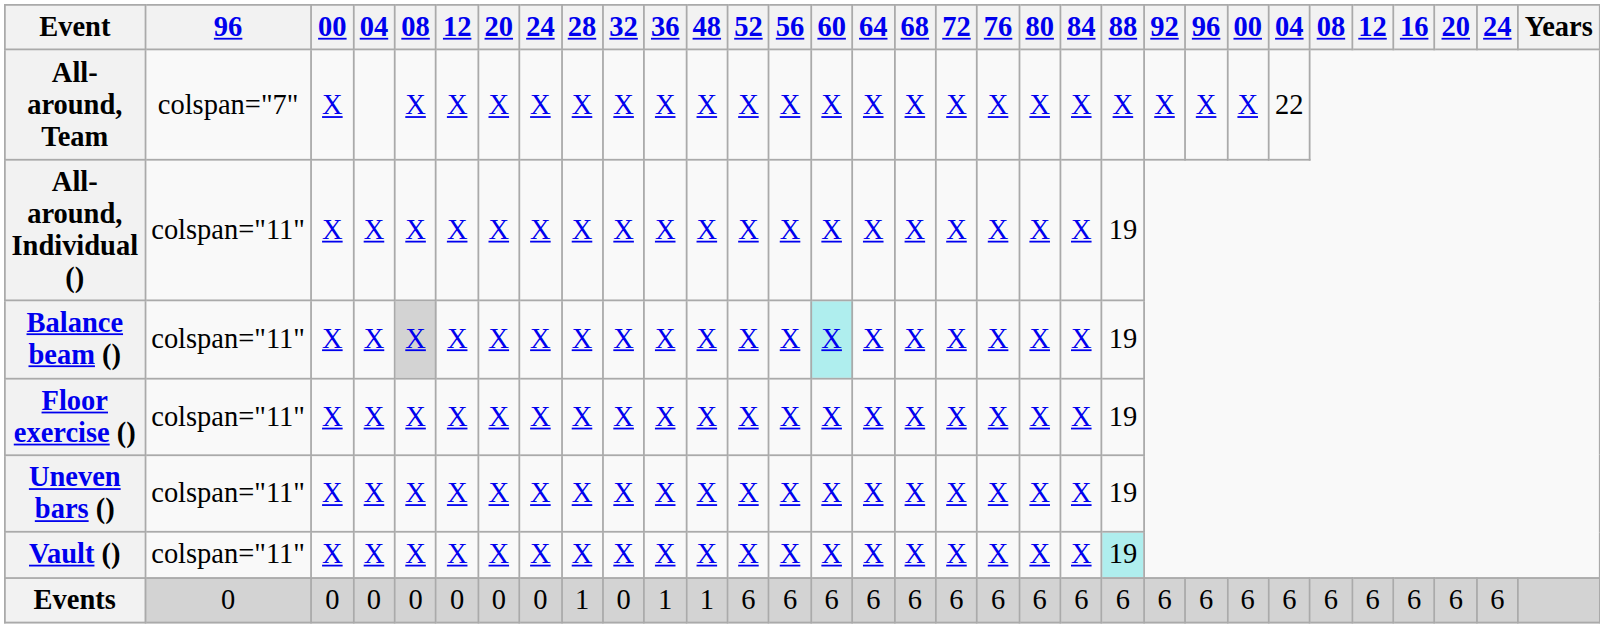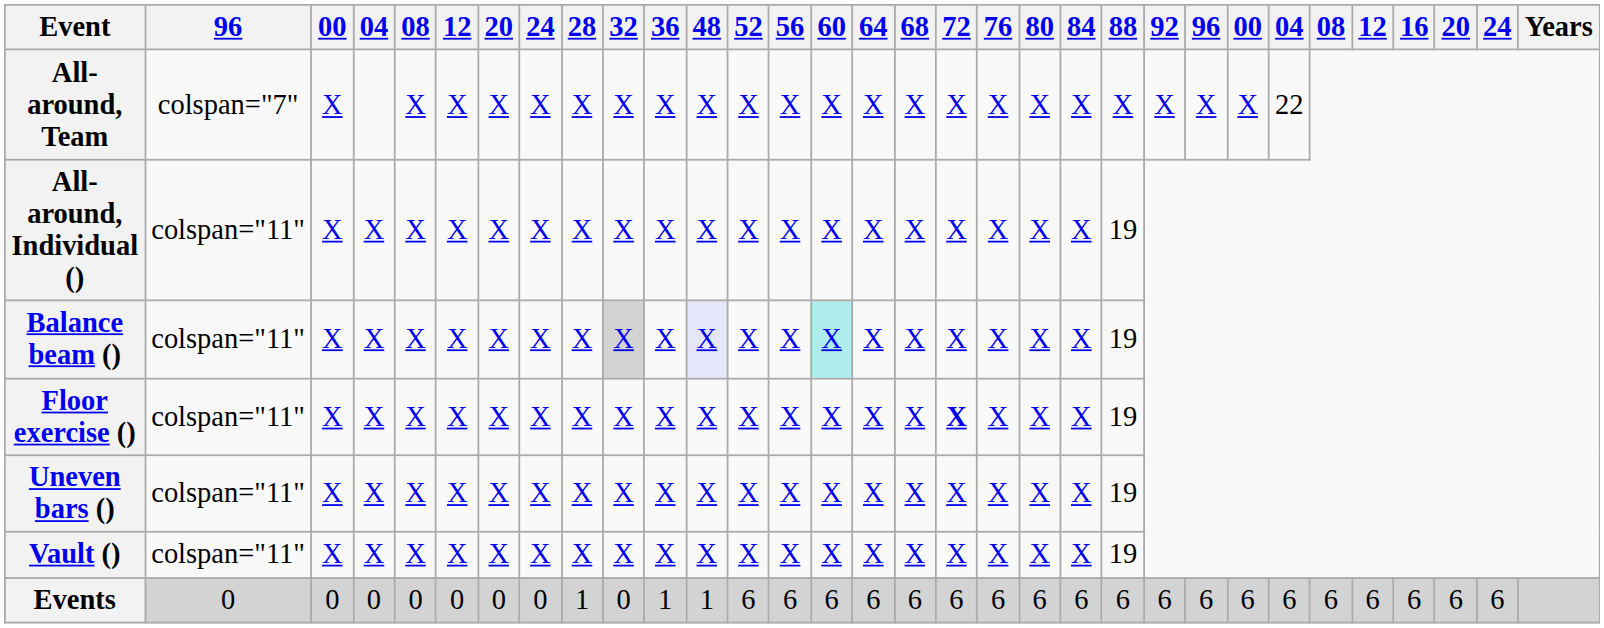 <table class="wikitable plainrowheaders sticky-header" style="text-align:center;">
 <tr>
 <th scope="col">Event</th>
 <th scope="col"><a href='#'>96</a></th>
 <th scope="col"><a href='#'>00</a></th>
 <th scope="col"><a href='#'>04</a></th>
 <th scope="col"><a href='#'>08</a></th>
 <th scope="col"><a href='#'>12</a></th>
 <th scope="col"><a href='#'>20</a></th>
 <th scope="col"><a href='#'>24</a></th>
 <th scope="col"><a href='#'>28</a></th>
 <th scope="col"><a href='#'>32</a></th>
 <th scope="col"><a href='#'>36</a></th>
 <th scope="col"><a href='#'>48</a></th>
 <th scope="col"><a href='#'>52</a></th>
 <th scope="col"><a href='#'>56</a></th>
 <th scope="col"><a href='#'>60</a></th>
 <th scope="col"><a href='#'>64</a></th>
 <th scope="col"><a href='#'>68</a></th>
 <th scope="col"><a href='#'>72</a></th>
 <th scope="col"><a href='#'>76</a></th>
 <th scope="col"><a href='#'>80</a></th>
 <th scope="col"><a href='#'>84</a></th>
 <th scope="col"><a href='#'>88</a></th>
 <th scope="col"><a href='#'>92</a></th>
 <th scope="col"><a href='#'>96</a></th>
 <th scope="col"><a href='#'>00</a></th>
 <th scope="col"><a href='#'>04</a></th>
 <th scope="col"><a href='#'>08</a></th>
 <th scope="col"><a href='#'>12</a></th>
 <th scope="col"><a href='#'>16</a></th>
 <th scope="col"><a href='#'>20</a></th>
 <th scope="col"><a href='#'>24</a></th>
 <th scope="col">Years</th>
 </tr>
 <tr>
 <th scope="row">All-around, Team</th>
 <td>colspan="7"</td>
 <td><a href='#'>X</a></td>
 <td></td>
 <td><a href='#'>X</a></td>
 <td><a href='#'>X</a></td>
 <td><a href='#'>X</a></td>
 <td><a href='#'>X</a></td>
 <td><a href='#'>X</a></td>
 <td><a href='#'>X</a></td>
 <td><a href='#'>X</a></td>
 <td><a href='#'>X</a></td>
 <td><a href='#'>X</a></td>
 <td><a href='#'>X</a></td>
 <td><a href='#'>X</a></td>
 <td><a href='#'>X</a></td>
 <td><a href='#'>X</a></td>
 <td><a href='#'>X</a></td>
 <td><a href='#'>X</a></td>
 <td><a href='#'>X</a></td>
 <td><a href='#'>X</a></td>
 <td><a href='#'>X</a></td>
 <td><a href='#'>X</a></td>
 <td><a href='#'>X</a></td>
 <td><a href='#'>X</a></td>
 <td>22</td>
 </tr>
 <tr>
 <th scope="row">All-around, Individual ()</th>
 <td>colspan="11"</td>
 <td><a href='#'>X</a></td>
 <td><a href='#'>X</a></td>
 <td><a href='#'>X</a></td>
 <td><a href='#'>X</a></td>
 <td><a href='#'>X</a></td>
 <td><a href='#'>X</a></td>
 <td><a href='#'>X</a></td>
 <td><a href='#'>X</a></td>
 <td><a href='#'>X</a></td>
 <td><a href='#'>X</a></td>
 <td><a href='#'>X</a></td>
 <td><a href='#'>X</a></td>
 <td><a href='#'>X</a></td>
 <td><a href='#'>X</a></td>
 <td><a href='#'>X</a></td>
 <td><a href='#'>X</a></td>
 <td><a href='#'>X</a></td>
 <td><a href='#'>X</a></td>
 <td><a href='#'>X</a></td>
 <td>19</td>
 </tr>
 <tr>
 <th scope="row"><a href='#'>Balance beam</a> ()</th>
 <td>colspan="11"</td>
 <td><a href='#'>X</a></td>
 <td><a href='#'>X</a></td>
-<td style="background: lightgrey;"><a href='#'>X</a></td>
 <td><a href='#'>X</a></td>
 <td><a href='#'>X</a></td>
 <td><a href='#'>X</a></td>
 <td><a href='#'>X</a></td>
 <td><a href='#'>X</a></td>
+<td style="background: lightgrey;"><a href='#'>X</a></td>
 <td><a href='#'>X</a></td>
-<td><a href='#'>X</a></td>
+<td style="background: lavender;"><a href='#'>X</a></td>
 <td><a href='#'>X</a></td>
 <td><a href='#'>X</a></td>
 <td style="background: paleturquoise;"><a href='#'>X</a></td>
 <td><a href='#'>X</a></td>
 <td><a href='#'>X</a></td>
 <td><a href='#'>X</a></td>
 <td><a href='#'>X</a></td>
 <td><a href='#'>X</a></td>
 <td><a href='#'>X</a></td>
 <td>19</td>
 </tr>
 <tr>
 <th scope="row"><a href='#'>Floor exercise</a> ()</th>
 <td>colspan="11"</td>
 <td><a href='#'>X</a></td>
 <td><a href='#'>X</a></td>
 <td><a href='#'>X</a></td>
 <td><a href='#'>X</a></td>
 <td><a href='#'>X</a></td>
 <td><a href='#'>X</a></td>
 <td><a href='#'>X</a></td>
 <td><a href='#'>X</a></td>
 <td><a href='#'>X</a></td>
 <td><a href='#'>X</a></td>
 <td><a href='#'>X</a></td>
 <td><a href='#'>X</a></td>
 <td><a href='#'>X</a></td>
 <td><a href='#'>X</a></td>
 <td><a href='#'>X</a></td>
-<td><a href='#'>X</a></td>
+<td><strong><a href='#'>X</a></strong></td>
 <td><a href='#'>X</a></td>
 <td><a href='#'>X</a></td>
 <td><a href='#'>X</a></td>
 <td>19</td>
 </tr>
 <tr>
 <th scope="row"><a href='#'>Uneven bars</a> ()</th>
 <td>colspan="11"</td>
 <td><a href='#'>X</a></td>
 <td><a href='#'>X</a></td>
 <td><a href='#'>X</a></td>
 <td><a href='#'>X</a></td>
 <td><a href='#'>X</a></td>
 <td><a href='#'>X</a></td>
 <td><a href='#'>X</a></td>
 <td><a href='#'>X</a></td>
 <td><a href='#'>X</a></td>
 <td><a href='#'>X</a></td>
 <td><a href='#'>X</a></td>
 <td><a href='#'>X</a></td>
 <td><a href='#'>X</a></td>
 <td><a href='#'>X</a></td>
 <td><a href='#'>X</a></td>
 <td><a href='#'>X</a></td>
 <td><a href='#'>X</a></td>
 <td><a href='#'>X</a></td>
 <td><a href='#'>X</a></td>
 <td>19</td>
 </tr>
 <tr>
 <th scope="row"><a href='#'>Vault</a> ()</th>
 <td>colspan="11"</td>
 <td><a href='#'>X</a></td>
 <td><a href='#'>X</a></td>
 <td><a href='#'>X</a></td>
 <td><a href='#'>X</a></td>
 <td><a href='#'>X</a></td>
 <td><a href='#'>X</a></td>
 <td><a href='#'>X</a></td>
 <td><a href='#'>X</a></td>
 <td><a href='#'>X</a></td>
 <td><a href='#'>X</a></td>
 <td><a href='#'>X</a></td>
 <td><a href='#'>X</a></td>
 <td><a href='#'>X</a></td>
 <td><a href='#'>X</a></td>
 <td><a href='#'>X</a></td>
 <td><a href='#'>X</a></td>
 <td><a href='#'>X</a></td>
 <td><a href='#'>X</a></td>
 <td><a href='#'>X</a></td>
-<td style="background: paleturquoise;">19</td>
+<td>19</td>
 </tr>
 <tr bgcolor=lightgray>
 <th scope="row"><strong>Events</strong></th>
 <td>0</td>
 <td>0</td>
 <td>0</td>
 <td>0</td>
 <td>0</td>
 <td>0</td>
 <td>0</td>
 <td>1</td>
 <td>0</td>
 <td>1</td>
 <td>1</td>
 <td>6</td>
 <td>6</td>
 <td>6</td>
 <td>6</td>
 <td>6</td>
 <td>6</td>
 <td>6</td>
 <td>6</td>
 <td>6</td>
 <td>6</td>
 <td>6</td>
 <td>6</td>
 <td>6</td>
 <td>6</td>
 <td>6</td>
 <td>6</td>
 <td>6</td>
 <td>6</td>
 <td>6</td>
 <td></td>
 </tr>
 </table>
